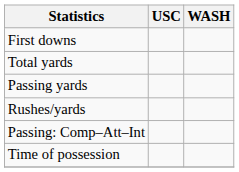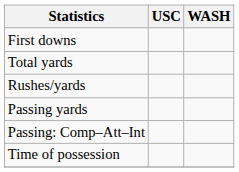 <table class="wikitable" style="float: left;">
 <tr>
 <th>Statistics</th>
 <th>USC</th>
 <th>WASH</th>
 </tr>
 <tr>
 <td>First downs</td>
 <td></td>
 <td></td>
 </tr>
 <tr>
 <td>Total yards</td>
 <td></td>
 <td></td>
 </tr>
 <tr>
-<td>Passing yards</td>
+<td>Rushes/yards</td>
 <td></td>
 <td></td>
 </tr>
 <tr>
-<td>Rushes/yards</td>
+<td>Passing yards</td>
 <td></td>
 <td></td>
 </tr>
 <tr>
 <td>Passing: Comp–Att–Int</td>
 <td></td>
 <td></td>
 </tr>
 <tr>
 <td>Time of possession</td>
 <td></td>
 <td></td>
 </tr>
 <tr>
 </tr>
 </table>
